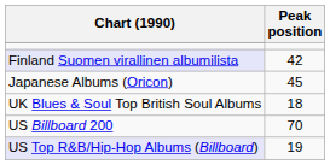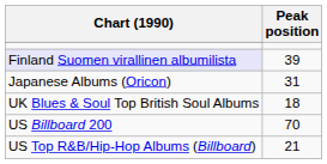 <table class="wikitable sortable">
 <tr>
 <th>Chart (1990)</th>
 <th>Peak<br>position</th>
 </tr>
 <tr>
 </tr>
 <tr>
 <td></td>
 </tr>
 <tr>
 <td style="background: lavender;">Finland <a href='#'>Suomen virallinen albumilista</a></td>
-<td align="center">42</td>
+<td align="center">39</td>
 </tr>
 <tr>
 <td>Japanese Albums (<a href='#'>Oricon</a>)</td>
-<td align="center">45</td>
+<td align="center">31</td>
 </tr>
 <tr>
 <td>UK <a href='#'>Blues & Soul</a> Top British Soul Albums</td>
 <td align="center">18</td>
 </tr>
 <tr>
 <td>US <a href='#'><em>Billboard</em> 200</a></td>
 <td align="center">70</td>
 </tr>
 <tr>
-<td style="background: lavender;">US <a href='#'>Top R&B/Hip-Hop Albums</a> (<em><a href='#'>Billboard</a></em>)</td>
-<td align="center">19</td>
+<td>US <a href='#'>Top R&B/Hip-Hop Albums</a> (<em><a href='#'>Billboard</a></em>)</td>
+<td align="center">21</td>
 </tr>
 </table>
